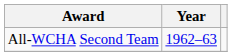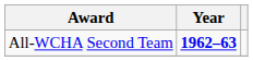 <table class="wikitable">
 <tr>
 <th>Award</th>
 <th>Year</th>
 <th></th>
 </tr>
 <tr>
 <td>All-<a href='#'>WCHA</a> <a href='#'>Second Team</a></td>
-<td><a href='#'>1962–63</a></td>
+<td><strong><a href='#'>1962–63</a></strong></td>
 <td></td>
 </tr>
 <tr>
 </tr>
 </table>
